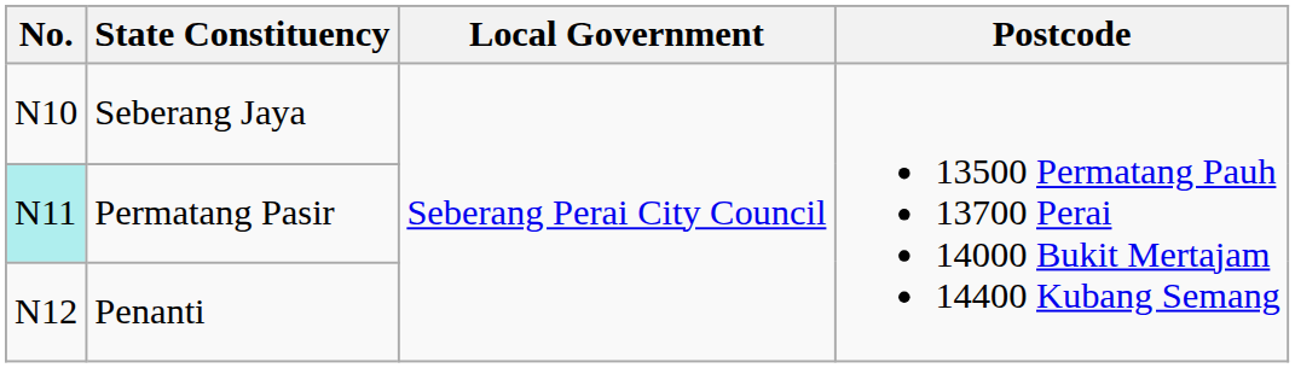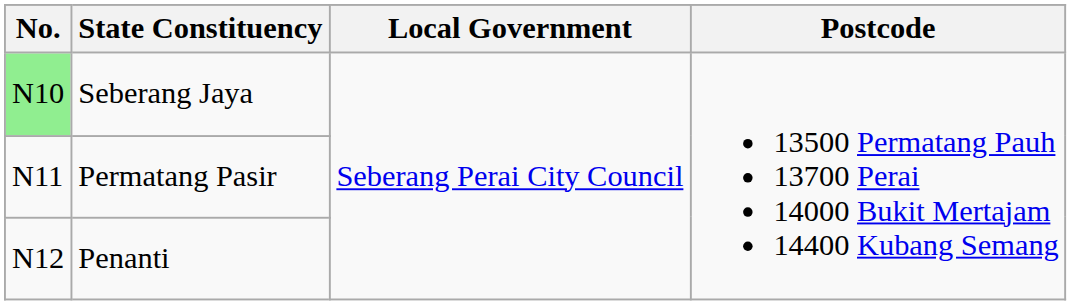 <table class="wikitable">
 <tr>
 <th>No.</th>
 <th>State Constituency</th>
 <th>Local Government</th>
 <th>Postcode</th>
 </tr>
 <tr>
-<td>N10</td>
+<td style="background: lightgreen;">N10</td>
 <td>Seberang Jaya</td>
 <td rowspan="3"><a href='#'>Seberang Perai City Council</a></td>
 <td rowspan="3"><br><ul><li>13500 <a href='#'>Permatang Pauh</a></li><li>13700 <a href='#'>Perai</a></li><li>14000 <a href='#'>Bukit Mertajam</a></li><li>14400 <a href='#'>Kubang Semang</a></li></ul></td>
 </tr>
 <tr>
-<td style="background: paleturquoise;">N11</td>
+<td>N11</td>
 <td>Permatang Pasir</td>
 </tr>
 <tr>
 <td>N12</td>
 <td>Penanti</td>
 </tr>
 </table>
